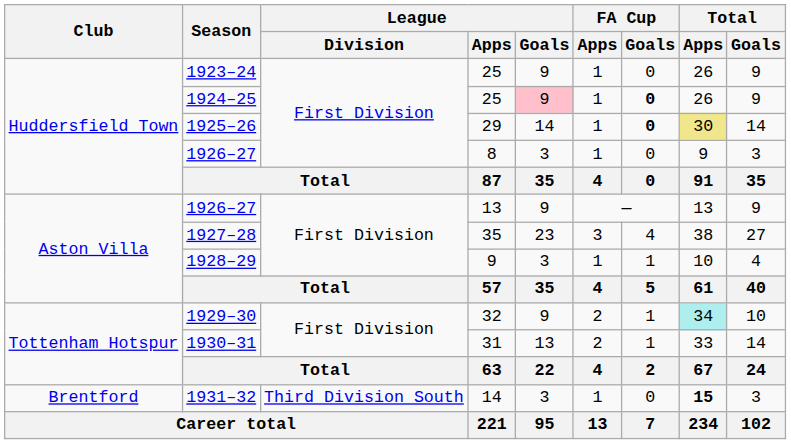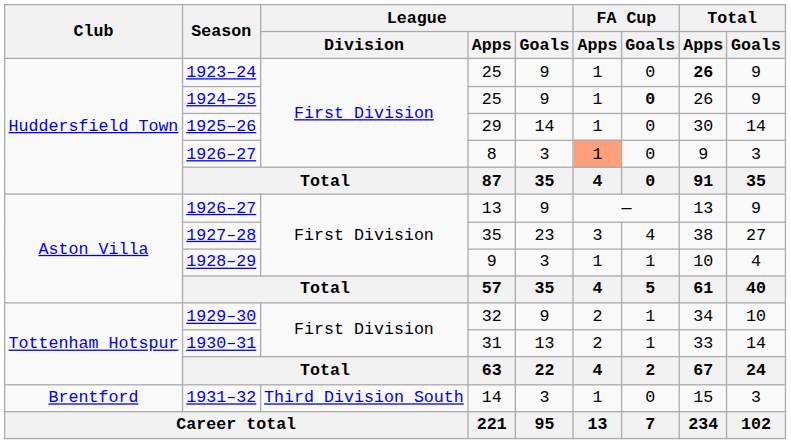 <table class="wikitable" style="text-align: center;">
 <tr>
 <th rowspan="2">Club</th>
 <th rowspan="2">Season</th>
 <th colspan="3">League</th>
 <th colspan="2">FA Cup</th>
 <th colspan="2">Total</th>
 </tr>
 <tr>
 <th>Division</th>
 <th>Apps</th>
 <th>Goals</th>
 <th>Apps</th>
 <th>Goals</th>
 <th>Apps</th>
 <th>Goals</th>
 </tr>
 <tr>
 <td rowspan="5"><a href='#'>Huddersfield Town</a></td>
 <td><a href='#'>1923–24</a></td>
 <td rowspan="4"><a href='#'>First Division</a></td>
 <td>25</td>
 <td>9</td>
 <td>1</td>
 <td>0</td>
-<td>26</td>
+<td><strong>26</strong></td>
 <td>9</td>
 </tr>
 <tr>
 <td><a href='#'>1924–25</a></td>
 <td>25</td>
-<td style="background: pink;">9</td>
+<td>9</td>
 <td>1</td>
 <td><strong>0</strong></td>
 <td>26</td>
 <td>9</td>
 </tr>
 <tr>
 <td><a href='#'>1925–26</a></td>
 <td>29</td>
 <td>14</td>
 <td>1</td>
-<td><strong>0</strong></td>
-<td style="background: khaki;">30</td>
+<td>0</td>
+<td>30</td>
 <td>14</td>
 </tr>
 <tr>
 <td><a href='#'>1926–27</a></td>
 <td>8</td>
 <td>3</td>
-<td>1</td>
+<td style="background: lightsalmon;">1</td>
 <td>0</td>
 <td>9</td>
 <td>3</td>
 </tr>
 <tr>
 <th colspan="2">Total</th>
 <th>87</th>
 <th>35</th>
 <th>4</th>
 <th>0</th>
 <th>91</th>
 <th>35</th>
 </tr>
 <tr>
 <td rowspan="4"><a href='#'>Aston Villa</a></td>
 <td><a href='#'>1926–27</a></td>
 <td rowspan="3">First Division</td>
 <td>13</td>
 <td>9</td>
 <td colspan="2">―</td>
 <td>13</td>
 <td>9</td>
 </tr>
 <tr>
 <td><a href='#'>1927–28</a></td>
 <td>35</td>
 <td>23</td>
 <td>3</td>
 <td>4</td>
 <td>38</td>
 <td>27</td>
 </tr>
 <tr>
 <td><a href='#'>1928–29</a></td>
 <td>9</td>
 <td>3</td>
 <td>1</td>
 <td>1</td>
 <td>10</td>
 <td>4</td>
 </tr>
 <tr>
 <th colspan="2">Total</th>
 <th>57</th>
 <th>35</th>
 <th>4</th>
 <th>5</th>
 <th>61</th>
 <th>40</th>
 </tr>
 <tr>
 <td rowspan="3"><a href='#'>Tottenham Hotspur</a></td>
 <td><a href='#'>1929–30</a></td>
 <td rowspan="2">First Division</td>
 <td>32</td>
 <td>9</td>
 <td>2</td>
 <td>1</td>
-<td style="background: paleturquoise;">34</td>
+<td>34</td>
 <td>10</td>
 </tr>
 <tr>
 <td><a href='#'>1930–31</a></td>
 <td>31</td>
 <td>13</td>
 <td>2</td>
 <td>1</td>
 <td>33</td>
 <td>14</td>
 </tr>
 <tr>
 <th colspan="2">Total</th>
 <th>63</th>
 <th>22</th>
 <th>4</th>
 <th>2</th>
 <th>67</th>
 <th>24</th>
 </tr>
 <tr>
 <td><a href='#'>Brentford</a></td>
 <td><a href='#'>1931–32</a></td>
 <td><a href='#'>Third Division South</a></td>
 <td>14</td>
 <td>3</td>
 <td>1</td>
 <td>0</td>
-<td><strong>15</strong></td>
+<td>15</td>
 <td>3</td>
 </tr>
 <tr>
 <th colspan="3">Career total</th>
 <th>221</th>
 <th>95</th>
 <th>13</th>
 <th>7</th>
 <th>234</th>
 <th>102</th>
 </tr>
 </table>
